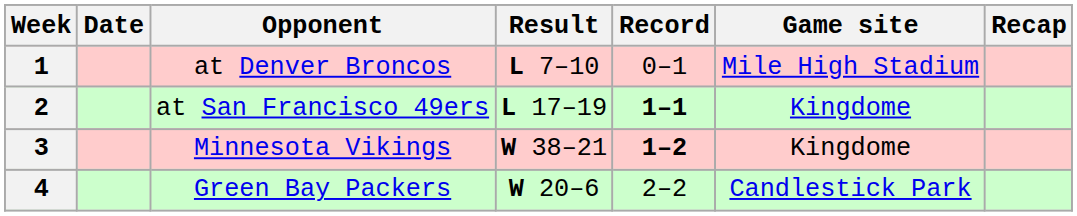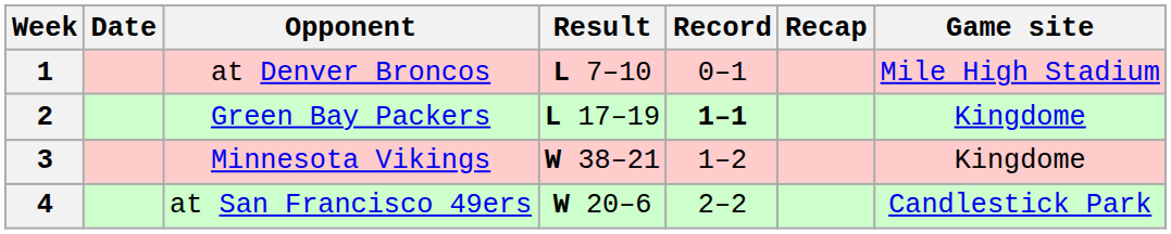 <table class="wikitable" style="text-align:center">
 <tr>
 <th>Week</th>
 <th>Date</th>
 <th>Opponent</th>
 <th>Result</th>
 <th>Record</th>
+<th>Recap</th>
 <th>Game site</th>
-<th>Recap</th>
 </tr>
 <tr style="background:#fcc">
 <th>1</th>
 <td></td>
 <td>at <a href='#'>Denver Broncos</a></td>
 <td><strong>L</strong> 7–10</td>
 <td>0–1</td>
+<td></td>
 <td><a href='#'>Mile High Stadium</a></td>
-<td></td>
 </tr>
 <tr style="background:#cfc">
 <th>2</th>
 <td></td>
-<td>at <a href='#'>San Francisco 49ers</a></td>
+<td><a href='#'>Green Bay Packers</a></td>
 <td><strong>L</strong> 17–19</td>
 <td><strong>1–1</strong></td>
+<td></td>
 <td><a href='#'>Kingdome</a></td>
-<td></td>
 </tr>
 <tr style="background:#fcc; text-align:center;">
 <th>3</th>
 <td></td>
 <td><a href='#'>Minnesota Vikings</a></td>
 <td><strong>W</strong> 38–21</td>
-<td><strong>1–2</strong></td>
+<td>1–2</td>
+<td></td>
 <td>Kingdome</td>
-<td></td>
 </tr>
 <tr style="background:#cfc; text-align:center;">
 <th>4</th>
 <td></td>
-<td><a href='#'>Green Bay Packers</a></td>
+<td>at <a href='#'>San Francisco 49ers</a></td>
 <td><strong>W</strong> 20–6</td>
 <td>2–2</td>
+<td></td>
 <td><a href='#'>Candlestick Park</a></td>
-<td></td>
 </tr>
 </table>
